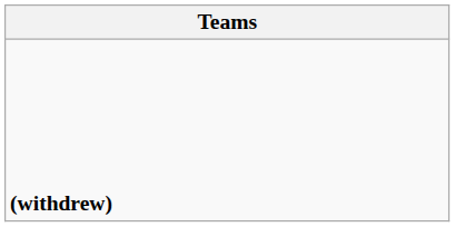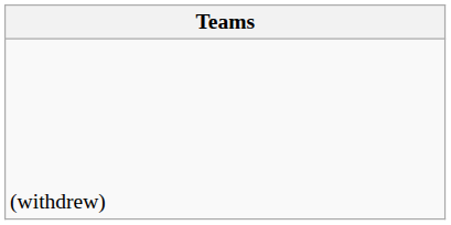 <table class="wikitable">
 <tr>
 <th style="width:20em">Teams</th>
 </tr>
 <tr>
-<td><strong><br><br> <br> <br> <br> <br> <em></em> (withdrew)</strong></td>
+<td><br><br> <br> <br> <br> <br> <em></em> (withdrew)</td>
 </tr>
 </table>
